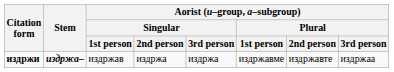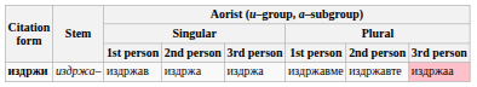 <table class="wikitable">
 <tr>
 <th rowspan="3">Citation<br>form</th>
 <th rowspan="3">Stem</th>
 <th colspan="6">Aorist (<em>и</em>–group, <em>а</em>–subgroup)</th>
 </tr>
 <tr>
 <th colspan="3">Singular</th>
 <th colspan="3">Plural</th>
 </tr>
 <tr>
 <th>1st person</th>
 <th>2nd person</th>
 <th>3rd person</th>
 <th>1st person</th>
 <th>2nd person</th>
 <th>3rd person</th>
 </tr>
 <tr>
 <td><strong>издржи</strong></td>
-<td><strong><em>издржа–</em></strong></td>
+<td><em>издржа–</em></td>
 <td>издржа<span>в</span></td>
 <td>издржа</td>
 <td>издржа</td>
 <td>издржа<span>вме</span></td>
 <td>издржа<span>вте</span></td>
-<td>издржа<span>а</span></td>
+<td style="background: pink;">издржа<span>а</span></td>
 </tr>
 </table>
